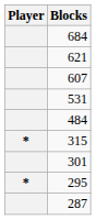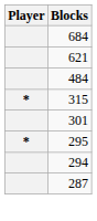 <table class="wikitable sortable">
 <tr>
 <th scope="col">Player</th>
 <th scope="col">Blocks</th>
 </tr>
 <tr>
 <th scope="row"></th>
 <td style="text-align:right">684</td>
 </tr>
 <tr>
 <th scope="row"></th>
 <td style="text-align:right">621</td>
-</tr>
-<tr>
-<th scope="row"></th>
-<td style="text-align:right">607</td>
-</tr>
-<tr>
-<th scope="row"></th>
-<td style="text-align:right">531</td>
 </tr>
 <tr>
 <th scope="row"></th>
 <td style="text-align:right">484</td>
 </tr>
 <tr>
 <th scope="row">*</th>
 <td style="text-align:right">315</td>
 </tr>
 <tr>
 <th scope="row"></th>
 <td style="text-align:right">301</td>
 </tr>
 <tr>
 <th scope="row">*</th>
 <td style="text-align:right">295</td>
 </tr>
 <tr>
+<th scope="row"><em></em></th>
+<td style="text-align:right">294</td>
+</tr>
+<tr>
 <th scope="row"></th>
 <td style="text-align:right">287</td>
 </tr>
 </table>
